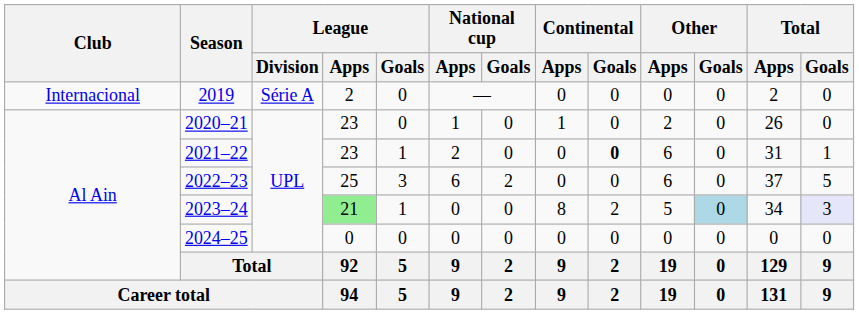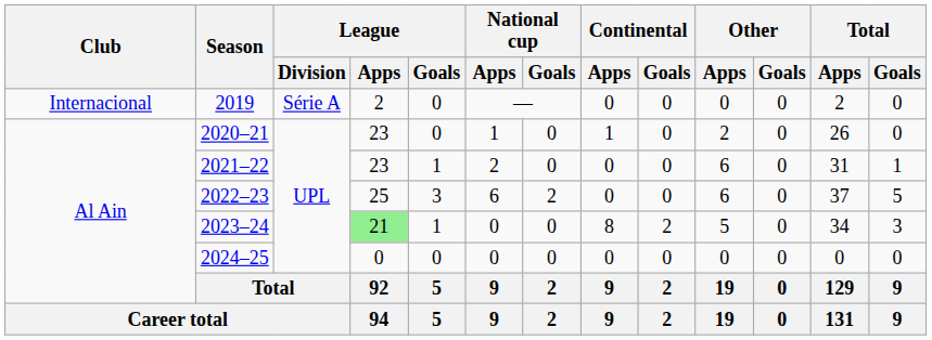 <table class="wikitable" style="text-align:center">
 <tr>
 <th rowspan="2" width="150">Club</th>
 <th rowspan="2">Season</th>
 <th colspan="3">League</th>
 <th colspan="2">National cup</th>
 <th colspan="2">Continental</th>
 <th colspan="2">Other</th>
 <th colspan="2">Total</th>
 </tr>
 <tr>
 <th>Division</th>
 <th width="40">Apps</th>
 <th width="40">Goals</th>
 <th width="40">Apps</th>
 <th width="40">Goals</th>
 <th width="40">Apps</th>
 <th width="40">Goals</th>
 <th width="40">Apps</th>
 <th width="40">Goals</th>
 <th width="40">Apps</th>
 <th width="40">Goals</th>
 </tr>
 <tr>
 <td><a href='#'>Internacional</a></td>
 <td><a href='#'>2019</a></td>
 <td><a href='#'>Série A</a></td>
 <td>2</td>
 <td>0</td>
 <td colspan="2">—</td>
 <td>0</td>
 <td>0</td>
 <td>0</td>
 <td>0</td>
 <td>2</td>
 <td>0</td>
 </tr>
 <tr>
 <td rowspan="6"><a href='#'>Al Ain</a></td>
 <td><a href='#'>2020–21</a></td>
 <td rowspan="5"><a href='#'>UPL</a></td>
 <td>23</td>
 <td>0</td>
 <td>1</td>
 <td>0</td>
 <td>1</td>
 <td>0</td>
 <td>2</td>
 <td>0</td>
 <td>26</td>
 <td>0</td>
 </tr>
 <tr>
 <td><a href='#'>2021–22</a></td>
 <td>23</td>
 <td>1</td>
 <td>2</td>
 <td>0</td>
 <td>0</td>
-<td><strong>0</strong></td>
+<td>0</td>
 <td>6</td>
 <td>0</td>
 <td>31</td>
 <td>1</td>
 </tr>
 <tr>
 <td><a href='#'>2022–23</a></td>
 <td>25</td>
 <td>3</td>
 <td>6</td>
 <td>2</td>
 <td>0</td>
 <td>0</td>
 <td>6</td>
 <td>0</td>
 <td>37</td>
 <td>5</td>
 </tr>
 <tr>
 <td><a href='#'>2023–24</a></td>
 <td style="background: lightgreen;">21</td>
 <td>1</td>
 <td>0</td>
 <td>0</td>
 <td>8</td>
 <td>2</td>
 <td>5</td>
-<td style="background: lightblue;">0</td>
+<td>0</td>
 <td>34</td>
-<td style="background: lavender;">3</td>
+<td>3</td>
 </tr>
 <tr>
 <td><a href='#'>2024–25</a></td>
 <td>0</td>
 <td>0</td>
 <td>0</td>
 <td>0</td>
 <td>0</td>
 <td>0</td>
 <td>0</td>
 <td>0</td>
 <td>0</td>
 <td>0</td>
 </tr>
 <tr>
 <th colspan="2">Total</th>
 <th>92</th>
 <th>5</th>
 <th>9</th>
 <th>2</th>
 <th>9</th>
 <th>2</th>
 <th>19</th>
 <th>0</th>
 <th>129</th>
 <th>9</th>
 </tr>
 <tr>
 <th colspan="3">Career total</th>
 <th>94</th>
 <th>5</th>
 <th>9</th>
 <th>2</th>
 <th>9</th>
 <th>2</th>
 <th>19</th>
 <th>0</th>
 <th>131</th>
 <th>9</th>
 </tr>
 </table>
